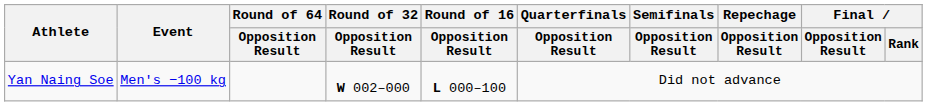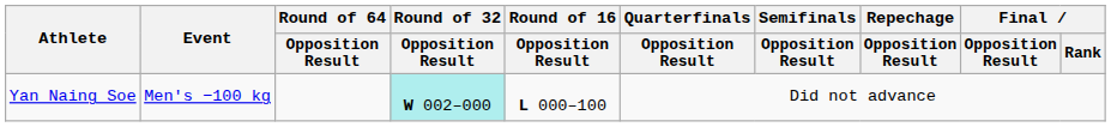 <table class="wikitable" style="font-size:90%">
 <tr>
 <th rowspan=2>Athlete</th>
 <th rowspan=2>Event</th>
 <th>Round of 64</th>
 <th>Round of 32</th>
 <th>Round of 16</th>
 <th>Quarterfinals</th>
 <th>Semifinals</th>
 <th>Repechage</th>
 <th colspan=2>Final / </th>
 </tr>
 <tr style="font-size:95%">
 <th>Opposition<br>Result</th>
 <th>Opposition<br>Result</th>
 <th>Opposition<br>Result</th>
 <th>Opposition<br>Result</th>
 <th>Opposition<br>Result</th>
 <th>Opposition<br>Result</th>
 <th>Opposition<br>Result</th>
 <th>Rank</th>
 </tr>
 <tr align=center>
 <td align=left><a href='#'>Yan Naing Soe</a></td>
 <td align=left><a href='#'>Men's −100 kg</a></td>
 <td></td>
-<td><br><strong>W</strong> 002–000</td>
+<td style="background: paleturquoise;"><br><strong>W</strong> 002–000</td>
 <td><br><strong>L</strong> 000–100</td>
 <td colspan=5>Did not advance</td>
 </tr>
 </table>
